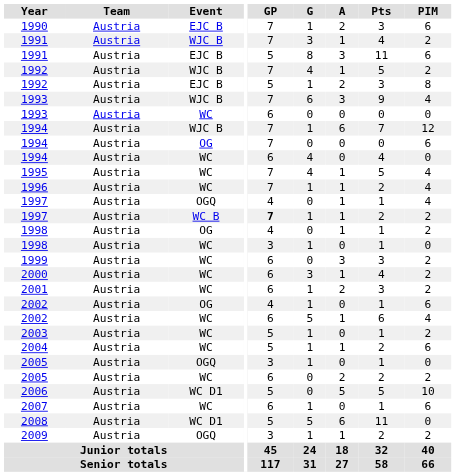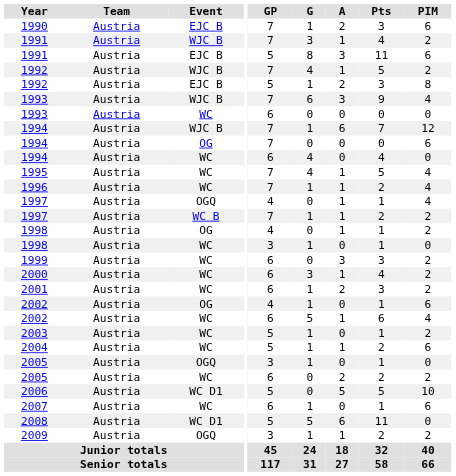 <table border="0" cellpadding="1" cellspacing="0" style="text-align:center; width:40em">
 <tr bgcolor="#e0e0e0">
 <th>Year</th>
 <th>Team</th>
 <th>Event</th>
 <th rowspan="99" bgcolor="#ffffff"></th>
 <th>GP</th>
 <th>G</th>
 <th>A</th>
 <th>Pts</th>
 <th>PIM</th>
 </tr>
 <tr>
 <td><a href='#'>1990</a></td>
 <td><a href='#'>Austria</a></td>
 <td><a href='#'>EJC B</a></td>
 <td>7</td>
 <td>1</td>
 <td>2</td>
 <td>3</td>
 <td>6</td>
 </tr>
 <tr bgcolor="#f0f0f0">
 <td><a href='#'>1991</a></td>
 <td><a href='#'>Austria</a></td>
 <td><a href='#'>WJC B</a></td>
 <td>7</td>
 <td>3</td>
 <td>1</td>
 <td>4</td>
 <td>2</td>
 </tr>
 <tr>
 <td><a href='#'>1991</a></td>
 <td>Austria</td>
 <td>EJC B</td>
 <td>5</td>
 <td>8</td>
 <td>3</td>
 <td>11</td>
 <td>6</td>
 </tr>
 <tr bgcolor="#f0f0f0">
 <td><a href='#'>1992</a></td>
 <td>Austria</td>
 <td>WJC B</td>
 <td>7</td>
 <td>4</td>
 <td>1</td>
 <td>5</td>
 <td>2</td>
 </tr>
 <tr>
 <td><a href='#'>1992</a></td>
 <td>Austria</td>
 <td>EJC B</td>
 <td>5</td>
 <td>1</td>
 <td>2</td>
 <td>3</td>
 <td>8</td>
 </tr>
 <tr bgcolor="#f0f0f0">
 <td><a href='#'>1993</a></td>
 <td>Austria</td>
 <td>WJC B</td>
 <td>7</td>
 <td>6</td>
 <td>3</td>
 <td>9</td>
 <td>4</td>
 </tr>
 <tr>
 <td><a href='#'>1993</a></td>
 <td><a href='#'>Austria</a></td>
 <td><a href='#'>WC</a></td>
 <td>6</td>
 <td>0</td>
 <td>0</td>
 <td>0</td>
 <td>0</td>
 </tr>
 <tr bgcolor="#f0f0f0">
 <td><a href='#'>1994</a></td>
 <td>Austria</td>
 <td>WJC B</td>
 <td>7</td>
 <td>1</td>
 <td>6</td>
 <td>7</td>
 <td>12</td>
 </tr>
 <tr>
 <td><a href='#'>1994</a></td>
 <td>Austria</td>
 <td><a href='#'>OG</a></td>
 <td>7</td>
 <td>0</td>
 <td>0</td>
 <td>0</td>
 <td>6</td>
 </tr>
 <tr bgcolor="#f0f0f0">
 <td><a href='#'>1994</a></td>
 <td>Austria</td>
 <td>WC</td>
 <td>6</td>
 <td>4</td>
 <td>0</td>
 <td>4</td>
 <td>0</td>
 </tr>
 <tr>
 <td><a href='#'>1995</a></td>
 <td>Austria</td>
 <td>WC</td>
 <td>7</td>
 <td>4</td>
 <td>1</td>
 <td>5</td>
 <td>4</td>
 </tr>
 <tr bgcolor="#f0f0f0">
 <td><a href='#'>1996</a></td>
 <td>Austria</td>
 <td>WC</td>
 <td>7</td>
 <td>1</td>
 <td>1</td>
 <td>2</td>
 <td>4</td>
 </tr>
 <tr>
 <td><a href='#'>1997</a></td>
 <td>Austria</td>
 <td>OGQ</td>
 <td>4</td>
 <td>0</td>
 <td>1</td>
 <td>1</td>
 <td>4</td>
 </tr>
 <tr bgcolor="#f0f0f0">
 <td><a href='#'>1997</a></td>
 <td>Austria</td>
 <td><a href='#'>WC B</a></td>
-<td><strong>7</strong></td>
+<td>7</td>
 <td>1</td>
 <td>1</td>
 <td>2</td>
 <td>2</td>
 </tr>
 <tr>
 <td><a href='#'>1998</a></td>
 <td>Austria</td>
 <td>OG</td>
 <td>4</td>
 <td>0</td>
 <td>1</td>
 <td>1</td>
 <td>2</td>
 </tr>
 <tr bgcolor="#f0f0f0">
 <td><a href='#'>1998</a></td>
 <td>Austria</td>
 <td>WC</td>
 <td>3</td>
 <td>1</td>
 <td>0</td>
 <td>1</td>
 <td>0</td>
 </tr>
 <tr>
 <td><a href='#'>1999</a></td>
 <td>Austria</td>
 <td>WC</td>
 <td>6</td>
 <td>0</td>
 <td>3</td>
 <td>3</td>
 <td>2</td>
 </tr>
 <tr bgcolor="#f0f0f0">
 <td><a href='#'>2000</a></td>
 <td>Austria</td>
 <td>WC</td>
 <td>6</td>
 <td>3</td>
 <td>1</td>
 <td>4</td>
 <td>2</td>
 </tr>
 <tr>
 <td><a href='#'>2001</a></td>
 <td>Austria</td>
 <td>WC</td>
 <td>6</td>
 <td>1</td>
 <td>2</td>
 <td>3</td>
 <td>2</td>
 </tr>
 <tr bgcolor="#f0f0f0">
 <td><a href='#'>2002</a></td>
 <td>Austria</td>
 <td>OG</td>
 <td>4</td>
 <td>1</td>
 <td>0</td>
 <td>1</td>
 <td>6</td>
 </tr>
 <tr>
 <td><a href='#'>2002</a></td>
 <td>Austria</td>
 <td>WC</td>
 <td>6</td>
 <td>5</td>
 <td>1</td>
 <td>6</td>
 <td>4</td>
 </tr>
 <tr bgcolor="#f0f0f0">
 <td><a href='#'>2003</a></td>
 <td>Austria</td>
 <td>WC</td>
 <td>5</td>
 <td>1</td>
 <td>0</td>
 <td>1</td>
 <td>2</td>
 </tr>
 <tr>
 <td><a href='#'>2004</a></td>
 <td>Austria</td>
 <td>WC</td>
 <td>5</td>
 <td>1</td>
 <td>1</td>
 <td>2</td>
 <td>6</td>
 </tr>
 <tr bgcolor="#f0f0f0">
 <td><a href='#'>2005</a></td>
 <td>Austria</td>
 <td>OGQ</td>
 <td>3</td>
 <td>1</td>
 <td>0</td>
 <td>1</td>
 <td>0</td>
 </tr>
 <tr>
 <td><a href='#'>2005</a></td>
 <td>Austria</td>
 <td>WC</td>
 <td>6</td>
 <td>0</td>
 <td>2</td>
 <td>2</td>
 <td>2</td>
 </tr>
 <tr bgcolor="#f0f0f0">
 <td><a href='#'>2006</a></td>
 <td>Austria</td>
 <td>WC D1</td>
 <td>5</td>
 <td>0</td>
 <td>5</td>
 <td>5</td>
 <td>10</td>
 </tr>
 <tr>
 <td><a href='#'>2007</a></td>
 <td>Austria</td>
 <td>WC</td>
 <td>6</td>
 <td>1</td>
 <td>0</td>
 <td>1</td>
 <td>6</td>
 </tr>
 <tr bgcolor="#f0f0f0">
 <td><a href='#'>2008</a></td>
 <td>Austria</td>
 <td>WC D1</td>
 <td>5</td>
 <td>5</td>
 <td>6</td>
 <td>11</td>
 <td>0</td>
 </tr>
 <tr>
 <td><a href='#'>2009</a></td>
 <td>Austria</td>
 <td>OGQ</td>
 <td>3</td>
 <td>1</td>
 <td>1</td>
 <td>2</td>
 <td>2</td>
 </tr>
 <tr bgcolor="#e0e0e0">
 <th colspan="3">Junior totals</th>
 <th>45</th>
 <th>24</th>
 <th>18</th>
 <th>32</th>
 <th>40</th>
 </tr>
 <tr bgcolor="#e0e0e0">
 <th colspan="3">Senior totals</th>
 <th>117</th>
 <th>31</th>
 <th>27</th>
 <th>58</th>
 <th>66</th>
 </tr>
 </table>
